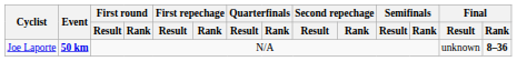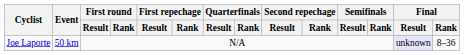 <table class=wikitable style="font-size:90%">
 <tr>
 <th rowspan=2>Cyclist</th>
 <th rowspan=2>Event</th>
 <th colspan=2>First round</th>
 <th colspan=2>First repechage</th>
 <th colspan=2>Quarterfinals</th>
 <th colspan=2>Second repechage</th>
 <th colspan=2>Semifinals</th>
 <th colspan=2>Final</th>
 </tr>
 <tr>
 <th>Result</th>
 <th>Rank</th>
 <th>Result</th>
 <th>Rank</th>
 <th>Result</th>
 <th>Rank</th>
 <th>Result</th>
 <th>Rank</th>
 <th>Result</th>
 <th>Rank</th>
 <th>Result</th>
 <th>Rank</th>
 </tr>
 <tr>
 <td><a href='#'>Joe Laporte</a></td>
-<td><strong><a href='#'>50 km</a></strong></td>
+<td><a href='#'>50 km</a></td>
 <td align=center colspan=10>N/A</td>
-<td align=center>unknown</td>
-<td align=center><strong>8–36</strong></td>
+<td align=center style="background: lavender;">unknown</td>
+<td align=center>8–36</td>
 </tr>
 </table>
